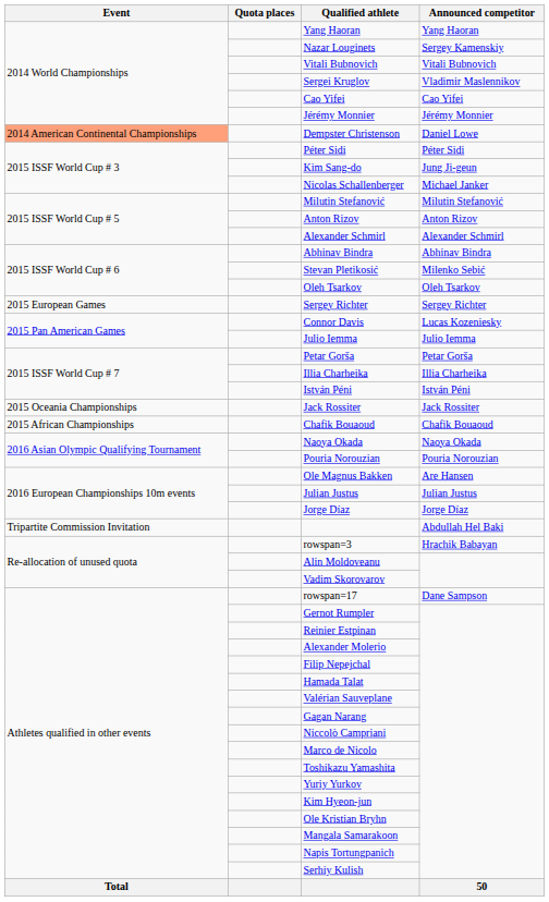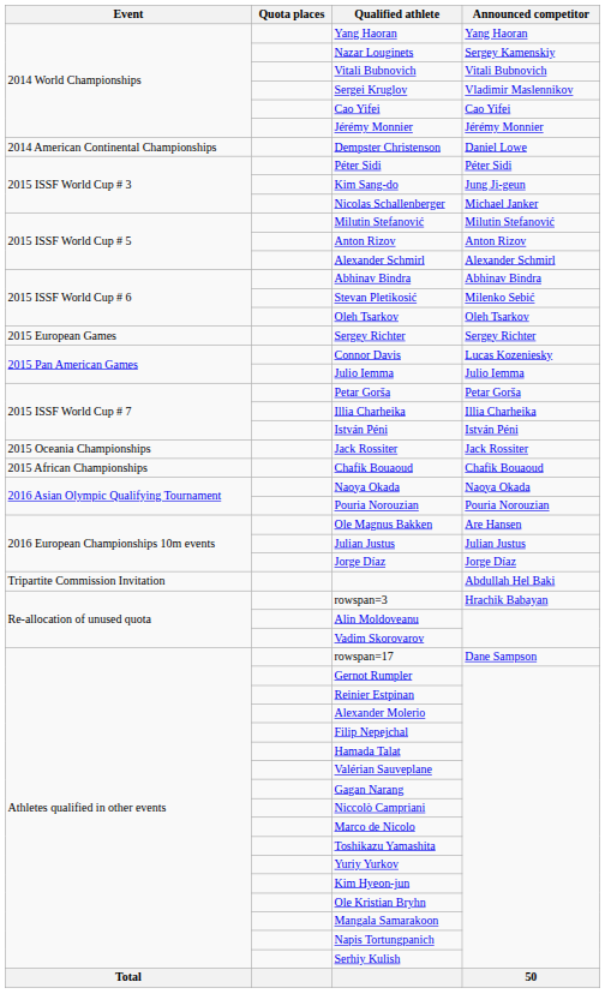 <table class=wikitable style="text-align:left" width=800>
 <tr>
 <th>Event</th>
 <th>Quota places</th>
 <th>Qualified athlete</th>
 <th>Announced competitor</th>
 </tr>
 <tr>
 <td rowspan="6">2014 World Championships</td>
 <td></td>
 <td><a href='#'>Yang Haoran</a></td>
 <td><a href='#'>Yang Haoran</a></td>
 </tr>
 <tr>
 <td></td>
 <td><a href='#'>Nazar Louginets</a></td>
 <td><a href='#'>Sergey Kamenskiy</a></td>
 </tr>
 <tr>
 <td></td>
 <td><a href='#'>Vitali Bubnovich</a></td>
 <td><a href='#'>Vitali Bubnovich</a></td>
 </tr>
 <tr>
 <td></td>
 <td><a href='#'>Sergei Kruglov</a></td>
 <td><a href='#'>Vladimir Maslennikov</a></td>
 </tr>
 <tr>
 <td></td>
 <td><a href='#'>Cao Yifei</a></td>
 <td><a href='#'>Cao Yifei</a></td>
 </tr>
 <tr>
 <td></td>
 <td><a href='#'>Jérémy Monnier</a></td>
 <td><a href='#'>Jérémy Monnier</a></td>
 </tr>
 <tr>
-<td style="background: lightsalmon;">2014 American Continental Championships</td>
+<td>2014 American Continental Championships</td>
 <td></td>
 <td><a href='#'>Dempster Christenson</a></td>
 <td><a href='#'>Daniel Lowe</a></td>
 </tr>
 <tr>
 <td rowspan="3">2015 ISSF World Cup # 3</td>
 <td></td>
 <td><a href='#'>Péter Sidi</a></td>
 <td><a href='#'>Péter Sidi</a></td>
 </tr>
 <tr>
 <td></td>
 <td><a href='#'>Kim Sang-do</a></td>
 <td><a href='#'>Jung Ji-geun</a></td>
 </tr>
 <tr>
 <td></td>
 <td><a href='#'>Nicolas Schallenberger</a></td>
 <td><a href='#'>Michael Janker</a></td>
 </tr>
 <tr>
 <td rowspan="3">2015 ISSF World Cup # 5</td>
 <td></td>
 <td><a href='#'>Milutin Stefanović</a></td>
 <td><a href='#'>Milutin Stefanović</a></td>
 </tr>
 <tr>
 <td></td>
 <td><a href='#'>Anton Rizov</a></td>
 <td><a href='#'>Anton Rizov</a></td>
 </tr>
 <tr>
 <td></td>
 <td><a href='#'>Alexander Schmirl</a></td>
 <td><a href='#'>Alexander Schmirl</a></td>
 </tr>
 <tr>
 <td rowspan="3">2015 ISSF World Cup # 6</td>
 <td></td>
 <td><a href='#'>Abhinav Bindra</a></td>
 <td><a href='#'>Abhinav Bindra</a></td>
 </tr>
 <tr>
 <td></td>
 <td><a href='#'>Stevan Pletikosić</a></td>
 <td><a href='#'>Milenko Sebić</a></td>
 </tr>
 <tr>
 <td></td>
 <td><a href='#'>Oleh Tsarkov</a></td>
 <td><a href='#'>Oleh Tsarkov</a></td>
 </tr>
 <tr>
 <td rowspan="1">2015 European Games</td>
 <td></td>
 <td><a href='#'>Sergey Richter</a></td>
 <td><a href='#'>Sergey Richter</a></td>
 </tr>
 <tr>
 <td rowspan="2"><a href='#'>2015 Pan American Games</a></td>
 <td></td>
 <td><a href='#'>Connor Davis</a></td>
 <td><a href='#'>Lucas Kozeniesky</a></td>
 </tr>
 <tr>
 <td></td>
 <td><a href='#'>Julio Iemma</a></td>
 <td><a href='#'>Julio Iemma</a></td>
 </tr>
 <tr>
 <td rowspan="3">2015 ISSF World Cup # 7</td>
 <td></td>
 <td><a href='#'>Petar Gorša</a></td>
 <td><a href='#'>Petar Gorša</a></td>
 </tr>
 <tr>
 <td></td>
 <td><a href='#'>Illia Charheika</a></td>
 <td><a href='#'>Illia Charheika</a></td>
 </tr>
 <tr>
 <td></td>
 <td><a href='#'>István Péni</a></td>
 <td><a href='#'>István Péni</a></td>
 </tr>
 <tr>
 <td rowspan="1">2015 Oceania Championships</td>
 <td></td>
 <td><a href='#'>Jack Rossiter</a></td>
 <td><a href='#'>Jack Rossiter</a></td>
 </tr>
 <tr>
 <td rowspan="1">2015 African Championships</td>
 <td></td>
 <td><a href='#'>Chafik Bouaoud</a></td>
 <td><a href='#'>Chafik Bouaoud</a></td>
 </tr>
 <tr>
 <td rowspan="2"><a href='#'>2016 Asian Olympic Qualifying Tournament</a></td>
 <td></td>
 <td><a href='#'>Naoya Okada</a></td>
 <td><a href='#'>Naoya Okada</a></td>
 </tr>
 <tr>
 <td></td>
 <td><a href='#'>Pouria Norouzian</a></td>
 <td><a href='#'>Pouria Norouzian</a></td>
 </tr>
 <tr>
 <td rowspan="3">2016 European Championships 10m events</td>
 <td></td>
 <td><a href='#'>Ole Magnus Bakken</a></td>
 <td><a href='#'>Are Hansen</a></td>
 </tr>
 <tr>
 <td></td>
 <td><a href='#'>Julian Justus</a></td>
 <td><a href='#'>Julian Justus</a></td>
 </tr>
 <tr>
 <td></td>
 <td><a href='#'>Jorge Díaz</a></td>
 <td><a href='#'>Jorge Díaz</a></td>
 </tr>
 <tr>
 <td>Tripartite Commission Invitation</td>
 <td></td>
 <td></td>
 <td><a href='#'>Abdullah Hel Baki</a></td>
 </tr>
 <tr>
 <td rowspan=3>Re-allocation of unused quota</td>
 <td></td>
 <td>rowspan=3 </td>
 <td><a href='#'>Hrachik Babayan</a></td>
 </tr>
 <tr>
 <td></td>
 <td><a href='#'>Alin Moldoveanu</a></td>
 </tr>
 <tr>
 <td></td>
 <td><a href='#'>Vadim Skorovarov</a></td>
 </tr>
 <tr>
 <td rowspan=17>Athletes qualified in other events</td>
 <td></td>
 <td>rowspan=17 </td>
 <td><a href='#'>Dane Sampson</a></td>
 </tr>
 <tr>
 <td></td>
 <td><a href='#'>Gernot Rumpler</a></td>
 </tr>
 <tr>
 <td></td>
 <td><a href='#'>Reinier Estpinan</a></td>
 </tr>
 <tr>
 <td></td>
 <td><a href='#'>Alexander Molerio</a></td>
 </tr>
 <tr>
 <td></td>
 <td><a href='#'>Filip Nepejchal</a></td>
 </tr>
 <tr>
 <td></td>
 <td><a href='#'>Hamada Talat</a></td>
 </tr>
 <tr>
 <td></td>
 <td><a href='#'>Valérian Sauveplane</a></td>
 </tr>
 <tr>
 <td></td>
 <td><a href='#'>Gagan Narang</a></td>
 </tr>
 <tr>
 <td></td>
 <td><a href='#'>Niccolò Campriani</a></td>
 </tr>
 <tr>
 <td></td>
 <td><a href='#'>Marco de Nicolo</a></td>
 </tr>
 <tr>
 <td></td>
 <td><a href='#'>Toshikazu Yamashita</a></td>
 </tr>
 <tr>
 <td></td>
 <td><a href='#'>Yuriy Yurkov</a></td>
 </tr>
 <tr>
 <td></td>
 <td><a href='#'>Kim Hyeon-jun</a></td>
 </tr>
 <tr>
 <td></td>
 <td><a href='#'>Ole Kristian Bryhn</a></td>
 </tr>
 <tr>
 <td></td>
 <td><a href='#'>Mangala Samarakoon</a></td>
 </tr>
 <tr>
 <td></td>
 <td><a href='#'>Napis Tortungpanich</a></td>
 </tr>
 <tr>
 <td></td>
 <td><a href='#'>Serhiy Kulish</a></td>
 </tr>
 <tr>
 <th>Total</th>
 <th></th>
 <th></th>
 <th>50</th>
 </tr>
 </table>
